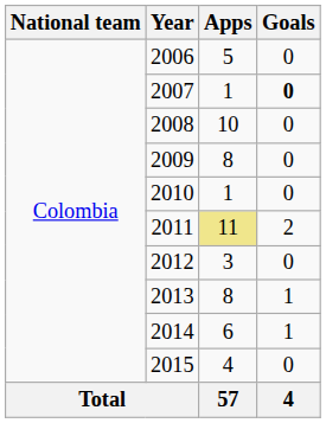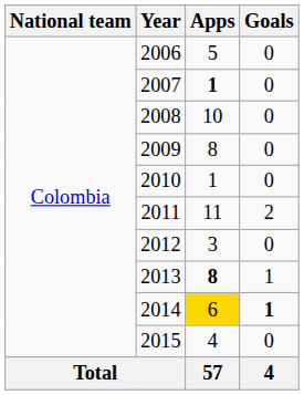 <table class="wikitable" style="text-align:center">
 <tr>
 <th>National team</th>
 <th>Year</th>
 <th>Apps</th>
 <th>Goals</th>
 </tr>
 <tr>
 <td rowspan="10"><a href='#'>Colombia</a></td>
 <td>2006</td>
 <td>5</td>
 <td>0</td>
 </tr>
 <tr>
 <td>2007</td>
-<td>1</td>
-<td><strong>0</strong></td>
+<td><strong>1</strong></td>
+<td>0</td>
 </tr>
 <tr>
 <td>2008</td>
 <td>10</td>
 <td>0</td>
 </tr>
 <tr>
 <td>2009</td>
 <td>8</td>
 <td>0</td>
 </tr>
 <tr>
 <td>2010</td>
 <td>1</td>
 <td>0</td>
 </tr>
 <tr>
 <td>2011</td>
-<td style="background: khaki;">11</td>
+<td>11</td>
 <td>2</td>
 </tr>
 <tr>
 <td>2012</td>
 <td>3</td>
 <td>0</td>
 </tr>
 <tr>
 <td>2013</td>
-<td>8</td>
+<td><strong>8</strong></td>
 <td>1</td>
 </tr>
 <tr>
 <td>2014</td>
-<td>6</td>
-<td>1</td>
+<td style="background: gold;">6</td>
+<td><strong>1</strong></td>
 </tr>
 <tr>
 <td>2015</td>
 <td>4</td>
 <td>0</td>
 </tr>
 <tr>
 <th colspan="2">Total</th>
 <th>57</th>
 <th>4</th>
 </tr>
 </table>
